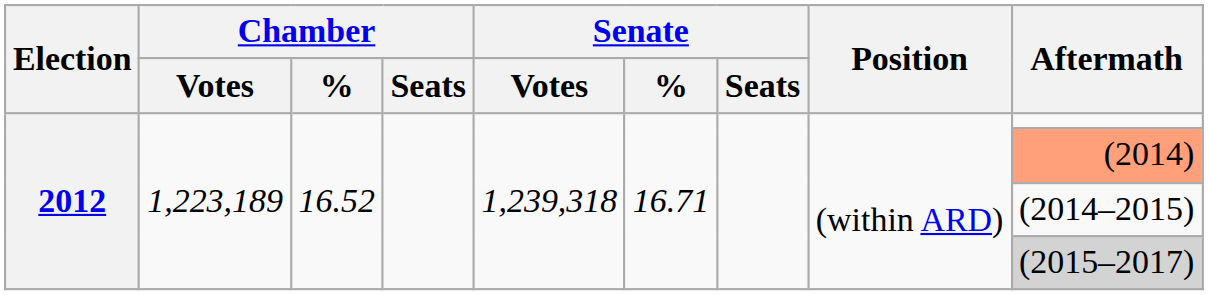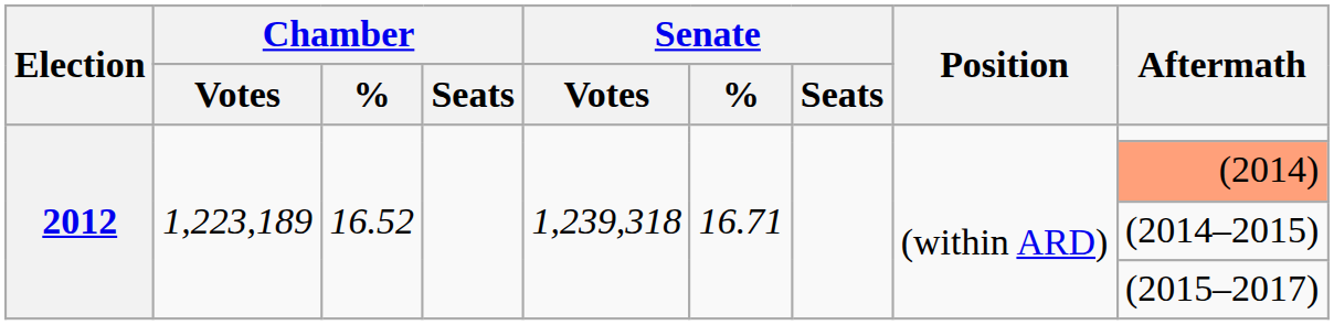 <table class="wikitable" style="text-align: right;">
 <tr>
 <th rowspan="2">Election</th>
 <th colspan="3"><a href='#'>Chamber</a></th>
 <th colspan="3"><a href='#'>Senate</a></th>
 <th rowspan="2">Position</th>
 <th rowspan="2">Aftermath</th>
 </tr>
 <tr>
 <th>Votes</th>
 <th>%</th>
 <th>Seats</th>
 <th>Votes</th>
 <th>%</th>
 <th>Seats</th>
 </tr>
 <tr>
 <th rowspan=4><a href='#'>2012</a></th>
 <td rowspan=4><em>1,223,189</em></td>
 <td rowspan=4><em>16.52</em></td>
 <td rowspan=4></td>
 <td rowspan=4><em>1,239,318</em></td>
 <td rowspan=4><em>16.71</em></td>
 <td rowspan=4></td>
 <td rowspan=4; style="text-align: center;"> <br> (within <a href='#'>ARD</a>)</td>
 <td></td>
 </tr>
 <tr>
 <td style="background: lightsalmon;"> (2014)</td>
 </tr>
 <tr>
 <td> (2014–2015)</td>
 </tr>
 <tr>
-<td style="background: lightgrey;"> (2015–2017)</td>
+<td> (2015–2017)</td>
 </tr>
 </table>
